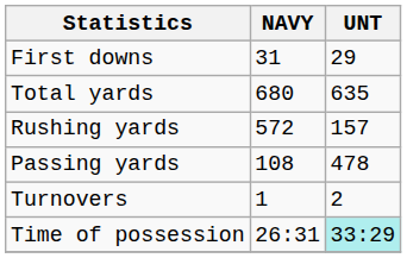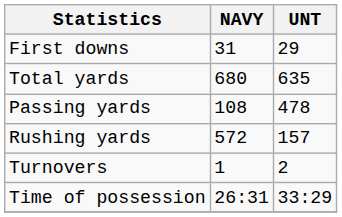 <table class="wikitable">
 <tr>
 <th>Statistics</th>
 <th>NAVY</th>
 <th>UNT</th>
 </tr>
 <tr>
 <td>First downs</td>
 <td>31</td>
 <td>29</td>
 </tr>
 <tr>
 <td>Total yards</td>
 <td>680</td>
 <td>635</td>
 </tr>
 <tr>
+<td>Passing yards</td>
+<td>108</td>
+<td>478</td>
+</tr>
+<tr>
 <td>Rushing yards</td>
 <td>572</td>
 <td>157</td>
-</tr>
-<tr>
-<td>Passing yards</td>
-<td>108</td>
-<td>478</td>
 </tr>
 <tr>
 <td>Turnovers</td>
 <td>1</td>
 <td>2</td>
 </tr>
 <tr>
 <td>Time of possession</td>
 <td>26:31</td>
-<td style="background: paleturquoise;">33:29</td>
+<td>33:29</td>
 </tr>
 <tr>
 </tr>
 </table>
